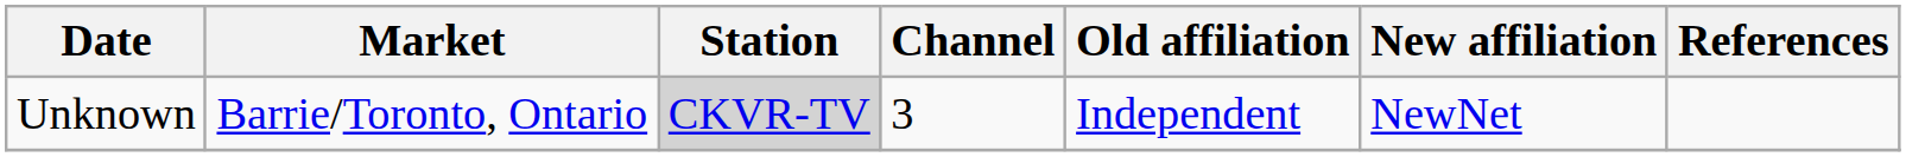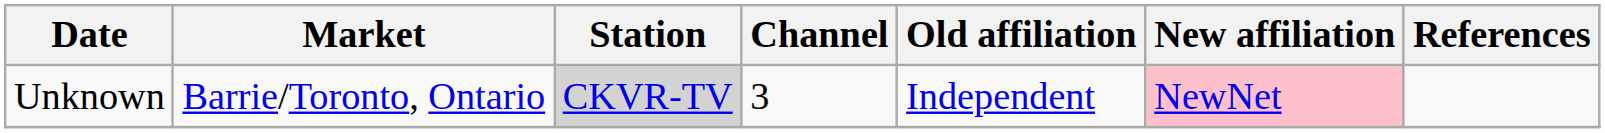 <table class="wikitable">
 <tr>
 <th>Date</th>
 <th>Market</th>
 <th>Station</th>
 <th>Channel</th>
 <th>Old affiliation</th>
 <th>New affiliation</th>
 <th>References</th>
 </tr>
 <tr>
 <td>Unknown</td>
 <td><a href='#'>Barrie</a>/<a href='#'>Toronto</a>, <a href='#'>Ontario</a></td>
 <td style="background: lightgrey;"><a href='#'>CKVR-TV</a></td>
 <td>3</td>
 <td><a href='#'>Independent</a></td>
-<td><a href='#'>NewNet</a></td>
+<td style="background: pink;"><a href='#'>NewNet</a></td>
 <td></td>
 </tr>
 <tr>
 </tr>
 </table>
